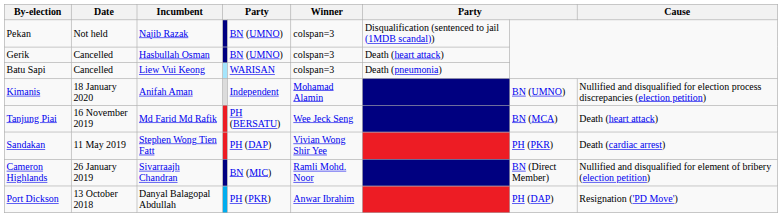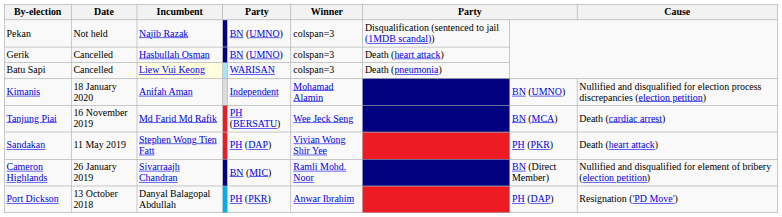 <table class="wikitable">
 <tr>
 <th>By-election</th>
 <th>Date</th>
 <th>Incumbent</th>
 <th colspan=2>Party</th>
 <th>Winner</th>
 <th colspan=2>Party</th>
 <th>Cause</th>
 </tr>
 <tr>
 <td>Pekan</td>
 <td>Not held</td>
 <td><a href='#'>Najib Razak</a></td>
 <td bgcolor=#000080></td>
 <td><a href='#'>BN</a> (<a href='#'>UMNO</a>)</td>
 <td>colspan=3 </td>
 <td>Disqualification (sentenced to jail <a href='#'>(1MDB scandal)</a>)</td>
 </tr>
 <tr>
 <td>Gerik</td>
 <td>Cancelled</td>
 <td><a href='#'>Hasbullah Osman</a></td>
 <td bgcolor=#000080></td>
 <td><a href='#'>BN</a> (<a href='#'>UMNO</a>)</td>
 <td>colspan=3 </td>
 <td>Death (<a href='#'>heart attack</a>)</td>
 </tr>
 <tr>
 <td>Batu Sapi</td>
 <td>Cancelled</td>
-<td><a href='#'>Liew Vui Keong</a></td>
+<td style="background: lightyellow;"><a href='#'>Liew Vui Keong</a></td>
 <td bgcolor=#A4E5FC></td>
 <td><a href='#'>WARISAN</a></td>
 <td>colspan=3 </td>
 <td>Death (<a href='#'>pneumonia</a>)</td>
 </tr>
 <tr>
 <td><a href='#'>Kimanis</a></td>
 <td>18 January 2020</td>
 <td><a href='#'>Anifah Aman</a></td>
 <td bgcolor=#DCDCDC></td>
 <td><a href='#'>Independent</a></td>
 <td><a href='#'>Mohamad Alamin</a></td>
 <td bgcolor=#000080></td>
 <td><a href='#'>BN</a> (<a href='#'>UMNO</a>)</td>
 <td>Nullified and disqualified for election process discrepancies (<a href='#'>election petition</a>)</td>
 </tr>
 <tr>
 <td><a href='#'>Tanjung Piai</a></td>
 <td>16 November 2019</td>
 <td><a href='#'>Md Farid Md Rafik</a></td>
 <td bgcolor=ED1C24></td>
 <td><a href='#'>PH</a> (<a href='#'>BERSATU</a>)</td>
 <td><a href='#'>Wee Jeck Seng</a></td>
 <td bgcolor=#000080></td>
 <td><a href='#'>BN</a> (<a href='#'>MCA</a>)</td>
-<td>Death (<a href='#'>heart attack</a>)</td>
+<td>Death (<a href='#'>cardiac arrest</a>)</td>
 </tr>
 <tr>
 <td><a href='#'>Sandakan</a></td>
 <td>11 May 2019</td>
 <td><a href='#'>Stephen Wong Tien Fatt</a></td>
 <td bgcolor=#ED1C24></td>
 <td><a href='#'>PH</a> (<a href='#'>DAP</a>)</td>
 <td><a href='#'>Vivian Wong Shir Yee</a></td>
 <td bgcolor=#ED1C24></td>
 <td><a href='#'>PH</a> (<a href='#'>PKR</a>)</td>
-<td>Death (<a href='#'>cardiac arrest</a>)</td>
+<td>Death (<a href='#'>heart attack</a>)</td>
 </tr>
 <tr>
 <td><a href='#'>Cameron Highlands</a></td>
 <td>26 January 2019</td>
 <td><a href='#'>Sivarraajh Chandran</a></td>
 <td bgcolor=#000080></td>
 <td><a href='#'>BN</a> (<a href='#'>MIC</a>)</td>
 <td><a href='#'>Ramli Mohd. Noor</a></td>
 <td bgcolor=#000080></td>
 <td><a href='#'>BN</a> (Direct Member)</td>
 <td>Nullified and disqualified for element of bribery (<a href='#'>election petition</a>)</td>
 </tr>
 <tr>
 <td><a href='#'>Port Dickson</a></td>
 <td>13 October 2018</td>
 <td>Danyal Balagopal Abdullah</td>
 <td bgcolor=#00ADEF></td>
 <td><a href='#'>PH</a> (<a href='#'>PKR</a>)</td>
 <td><a href='#'>Anwar Ibrahim</a></td>
 <td bgcolor=#ED1C24></td>
 <td><a href='#'>PH</a> (<a href='#'>DAP</a>)</td>
 <td>Resignation (<a href='#'>'PD Move'</a>)</td>
 </tr>
 </table>
